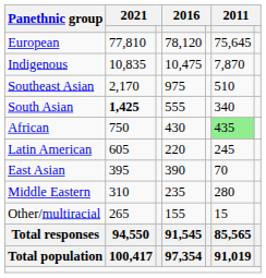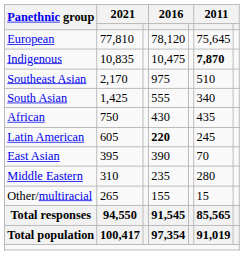 <table class="wikitable collapsible sortable">
 <tr>
 <th rowspan="2"><a href='#'>Panethnic</a> group</th>
 <th colspan="2">2021</th>
 <th colspan="2">2016</th>
 <th colspan="2">2011</th>
 </tr>
 <tr>
 <th><a href='#'></a></th>
 <th></th>
 <th></th>
 <th></th>
 <th></th>
 <th></th>
 </tr>
 <tr>
 <td><a href='#'>European</a></td>
 <td>77,810</td>
 <td></td>
 <td>78,120</td>
 <td></td>
 <td>75,645</td>
 <td></td>
 </tr>
 <tr>
 <td><a href='#'>Indigenous</a></td>
 <td>10,835</td>
 <td></td>
 <td>10,475</td>
 <td></td>
-<td>7,870</td>
+<td><strong>7,870</strong></td>
 <td></td>
 </tr>
 <tr>
 <td><a href='#'>Southeast Asian</a></td>
 <td>2,170</td>
 <td></td>
 <td>975</td>
 <td></td>
 <td>510</td>
 <td></td>
 </tr>
 <tr>
 <td><a href='#'>South Asian</a></td>
-<td><strong>1,425</strong></td>
+<td>1,425</td>
 <td></td>
 <td>555</td>
 <td></td>
 <td>340</td>
 <td></td>
 </tr>
 <tr>
 <td><a href='#'>African</a></td>
 <td>750</td>
 <td></td>
 <td>430</td>
 <td></td>
-<td style="background: lightgreen;">435</td>
+<td>435</td>
 <td></td>
 </tr>
 <tr>
 <td><a href='#'>Latin American</a></td>
 <td>605</td>
 <td></td>
-<td>220</td>
+<td><strong>220</strong></td>
 <td></td>
 <td>245</td>
 <td></td>
 </tr>
 <tr>
 <td><a href='#'>East Asian</a></td>
 <td>395</td>
 <td></td>
 <td>390</td>
 <td></td>
 <td>70</td>
 <td></td>
 </tr>
 <tr>
 <td><a href='#'>Middle Eastern</a></td>
 <td>310</td>
 <td></td>
 <td>235</td>
 <td></td>
 <td>280</td>
 <td></td>
 </tr>
 <tr>
 <td>Other/<a href='#'>multiracial</a></td>
 <td>265</td>
 <td></td>
 <td>155</td>
 <td></td>
 <td>15</td>
 <td></td>
 </tr>
 <tr>
 <th>Total responses</th>
 <th>94,550</th>
 <th></th>
 <th>91,545</th>
 <th></th>
 <th>85,565</th>
 <th></th>
 </tr>
 <tr class="sortbottom">
 <th>Total population</th>
 <th>100,417</th>
 <th></th>
 <th>97,354</th>
 <th></th>
 <th>91,019</th>
 <th></th>
 </tr>
 <tr class="sortbottom">
 <td colspan="15"></td>
 </tr>
 </table>
